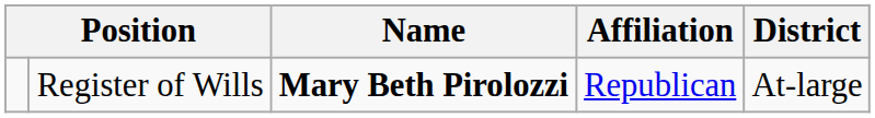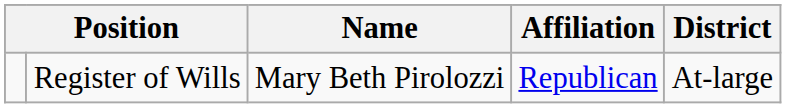 <table class=wikitable>
 <tr>
 <th colspan="2" style="text-align:center; vertical-align:bottom;">Position</th>
 <th style="text-align:center;">Name</th>
 <th valign=bottom>Affiliation</th>
 <th style="vertical-align:bottom; text-align:center;">District</th>
 </tr>
 <tr>
 <td style="background-color:"> </td>
 <td>Register of Wills</td>
-<td><strong>Mary Beth Pirolozzi</strong></td>
+<td>Mary Beth Pirolozzi</td>
 <td style="text-align:center;"><a href='#'>Republican</a></td>
 <td style="text-align:center;">At-large</td>
 </tr>
 </table>
